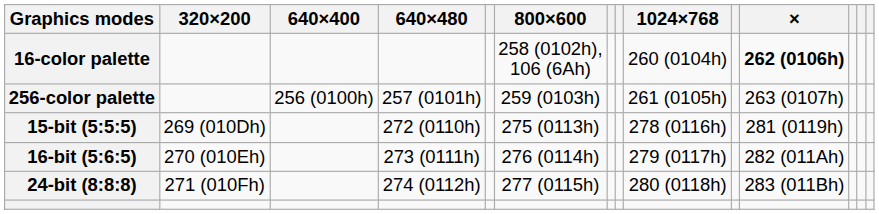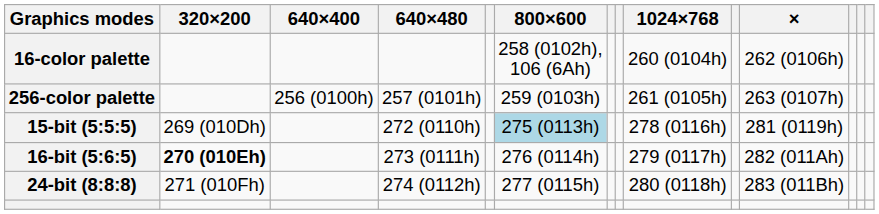 <table class="wikitable" style="text-align: center;">
 <tr>
 <th>Graphics modes</th>
 <th>320×200</th>
 <th>640×400</th>
 <th>640×480</th>
 <th></th>
 <th>800×600</th>
 <th></th>
 <th></th>
 <th>1024×768</th>
 <th></th>
 <th>×</th>
 <th></th>
 <th></th>
 <th></th>
 </tr>
 <tr>
 <th>16-color palette</th>
 <td></td>
 <td></td>
 <td></td>
 <td></td>
 <td>258 (0102h),<br> 106 (6Ah)</td>
 <td></td>
 <td></td>
 <td>260 (0104h)</td>
 <td></td>
-<td><strong>262 (0106h)</strong></td>
+<td>262 (0106h)</td>
 <td></td>
 <td></td>
 </tr>
 <tr>
 <th>256-color palette</th>
 <td></td>
 <td>256 (0100h)</td>
 <td>257 (0101h)</td>
 <td></td>
 <td>259 (0103h)</td>
 <td></td>
 <td></td>
 <td>261 (0105h)</td>
 <td></td>
 <td>263 (0107h)</td>
 <td></td>
 <td> </td>
 <td></td>
 </tr>
 <tr>
 <th>15-bit (5:5:5)</th>
 <td>269 (010Dh)</td>
 <td></td>
 <td>272 (0110h)</td>
 <td></td>
-<td>275 (0113h)</td>
+<td style="background: lightblue;">275 (0113h)</td>
 <td></td>
 <td></td>
 <td>278 (0116h)</td>
 <td></td>
 <td>281 (0119h)</td>
 <td></td>
 <td></td>
 <td></td>
 </tr>
 <tr>
 <th>16-bit (5:6:5)</th>
-<td>270 (010Eh)</td>
+<td><strong>270 (010Eh)</strong></td>
 <td></td>
 <td>273 (0111h)</td>
 <td></td>
 <td>276 (0114h)</td>
 <td></td>
 <td></td>
 <td>279 (0117h)</td>
 <td></td>
 <td>282 (011Ah)</td>
 <td></td>
 <td></td>
 <td></td>
 </tr>
 <tr>
 <th>24-bit (8:8:8)</th>
 <td>271 (010Fh)</td>
 <td></td>
 <td>274 (0112h)</td>
 <td></td>
 <td>277 (0115h)</td>
 <td></td>
 <td></td>
 <td>280 (0118h)</td>
 <td></td>
 <td>283 (011Bh)</td>
 <td></td>
 <td></td>
 <td></td>
 </tr>
 <tr>
 <th> </th>
 <td></td>
 <td></td>
 <td></td>
 <td></td>
 <td></td>
 <td></td>
 <td></td>
 <td></td>
 <td></td>
 <td></td>
 <td></td>
 <td></td>
 <td> </td>
 </tr>
 </table>
